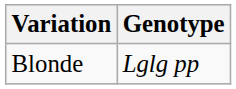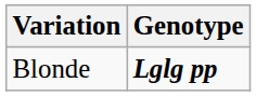 <table class="wikitable" style="margin:1em auto;">
 <tr>
 <th>Variation</th>
 <th>Genotype</th>
 </tr>
 <tr>
 <td>Blonde</td>
-<td><em>Lglg pp</em></td>
+<td><strong><em>Lglg pp</em></strong></td>
 </tr>
 </table>
